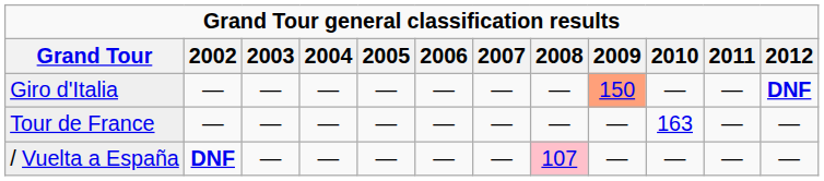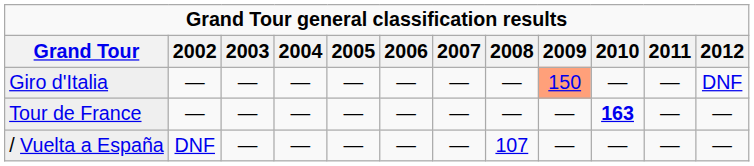 <table class="wikitable plainrowheaders">
 <tr>
 <td colspan=21 align="center"><strong>Grand Tour general classification results</strong></td>
 </tr>
 <tr>
 <th scope="col"><a href='#'>Grand Tour</a></th>
 <th scope="col">2002</th>
 <th scope="col">2003</th>
 <th scope="col">2004</th>
 <th scope="col">2005</th>
 <th scope="col">2006</th>
 <th scope="col">2007</th>
 <th scope="col">2008</th>
 <th scope="col">2009</th>
 <th scope="col">2010</th>
 <th scope="col">2011</th>
 <th scope="col">2012</th>
 </tr>
 <tr style="text-align:center;">
 <td style="text-align:left; background:#efefef;"> <a href='#'>Giro d'Italia</a></td>
 <td>—</td>
 <td>—</td>
 <td>—</td>
 <td>—</td>
 <td>—</td>
 <td>—</td>
 <td>—</td>
 <td style="background: lightsalmon;"><a href='#'>150</a></td>
 <td>—</td>
 <td>—</td>
-<td><strong><a href='#'>DNF</a></strong></td>
+<td><a href='#'>DNF</a></td>
 </tr>
 <tr style="text-align:center;">
 <td style="text-align:left; background:#efefef;"> <a href='#'>Tour de France</a></td>
 <td>—</td>
 <td>—</td>
 <td>—</td>
 <td>—</td>
 <td>—</td>
 <td>—</td>
 <td>—</td>
 <td>—</td>
-<td><a href='#'>163</a></td>
+<td><strong><a href='#'>163</a></strong></td>
 <td>—</td>
 <td>—</td>
 </tr>
 <tr style="text-align:center;">
 <td style="text-align:left; background:#efefef;">/ <a href='#'>Vuelta a España</a></td>
-<td><strong><a href='#'>DNF</a></strong></td>
+<td><a href='#'>DNF</a></td>
 <td>—</td>
 <td>—</td>
 <td>—</td>
 <td>—</td>
 <td>—</td>
-<td style="background: pink;"><a href='#'>107</a></td>
+<td><a href='#'>107</a></td>
 <td>—</td>
 <td>—</td>
 <td>—</td>
 <td>—</td>
 </tr>
 </table>
